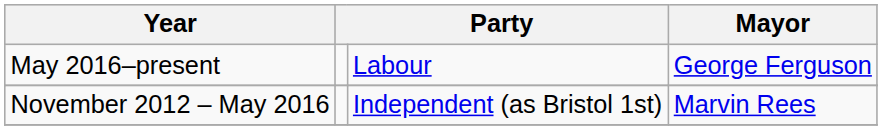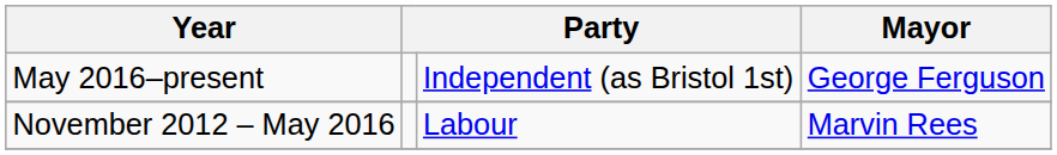 <table class="wikitable">
 <tr>
 <th>Year</th>
 <th colspan="2">Party</th>
 <th>Mayor</th>
 </tr>
 <tr>
 <td>May 2016–present</td>
 <td style="background-color:"></td>
-<td><a href='#'>Labour</a></td>
+<td><a href='#'>Independent</a> (as Bristol 1st)</td>
 <td><a href='#'>George Ferguson</a></td>
 </tr>
 <tr>
 </tr>
 <tr>
 <td>November 2012 – May 2016</td>
 <td style="background-color:"></td>
-<td><a href='#'>Independent</a> (as Bristol 1st)</td>
+<td><a href='#'>Labour</a></td>
 <td><a href='#'>Marvin Rees</a></td>
 </tr>
 <tr>
 </tr>
 </table>
